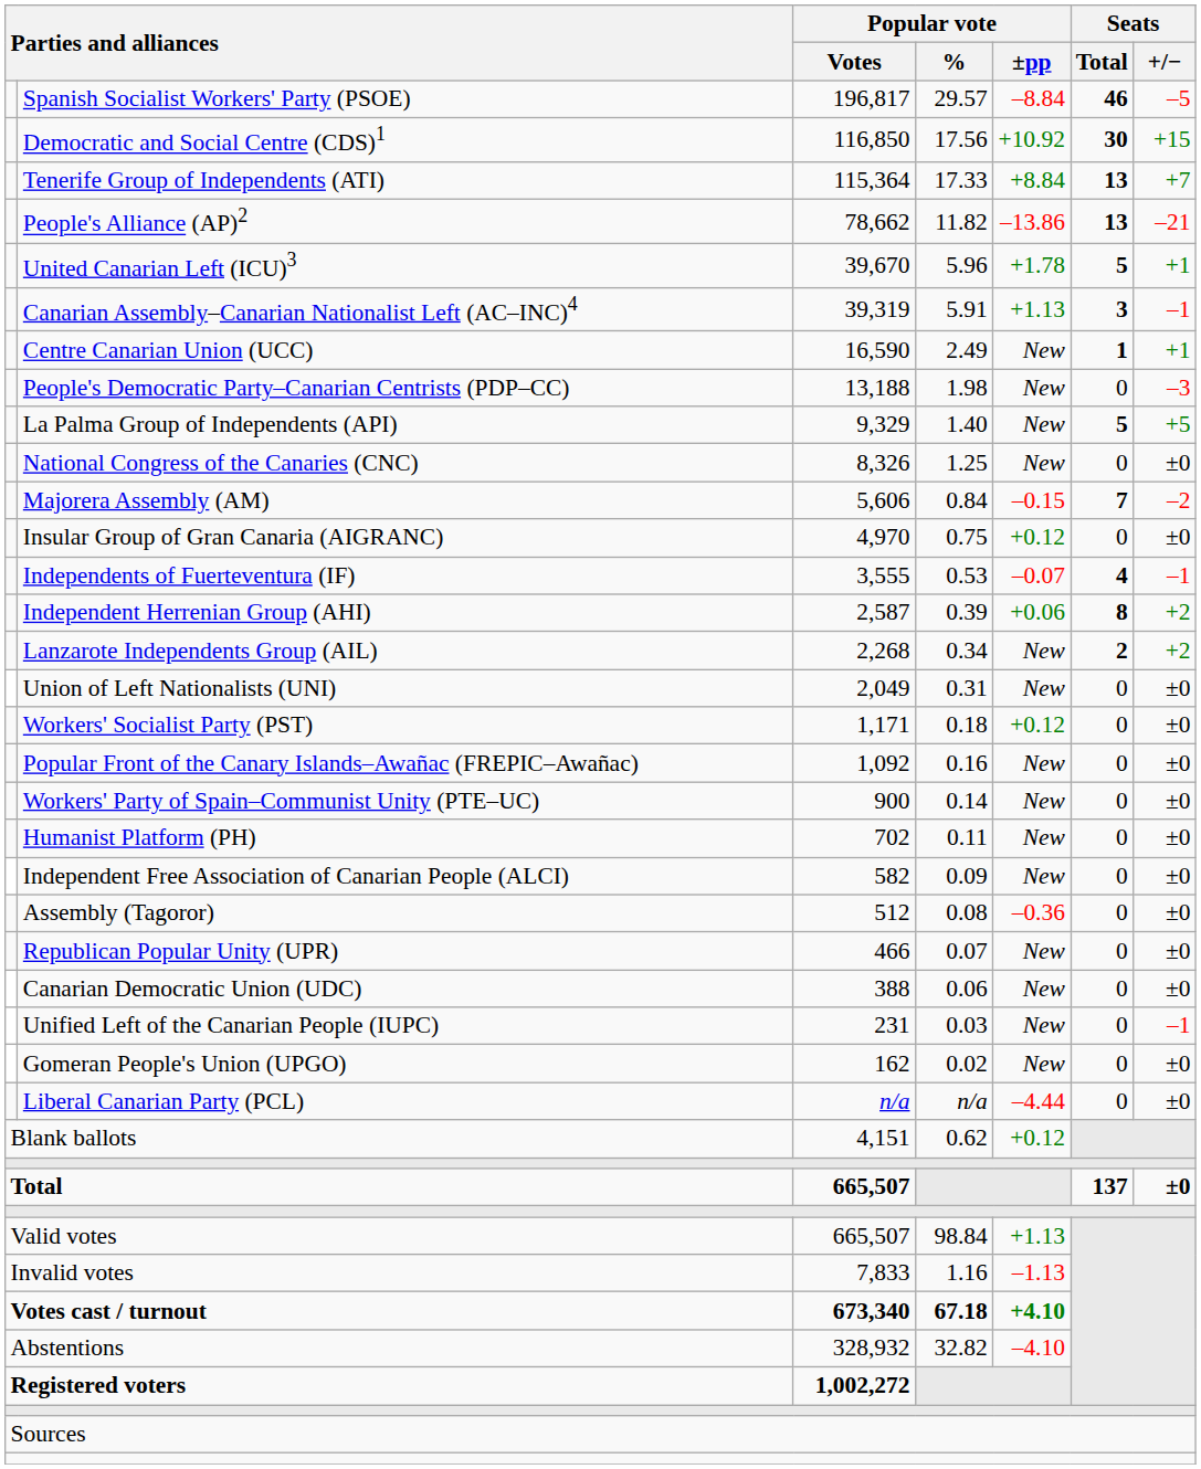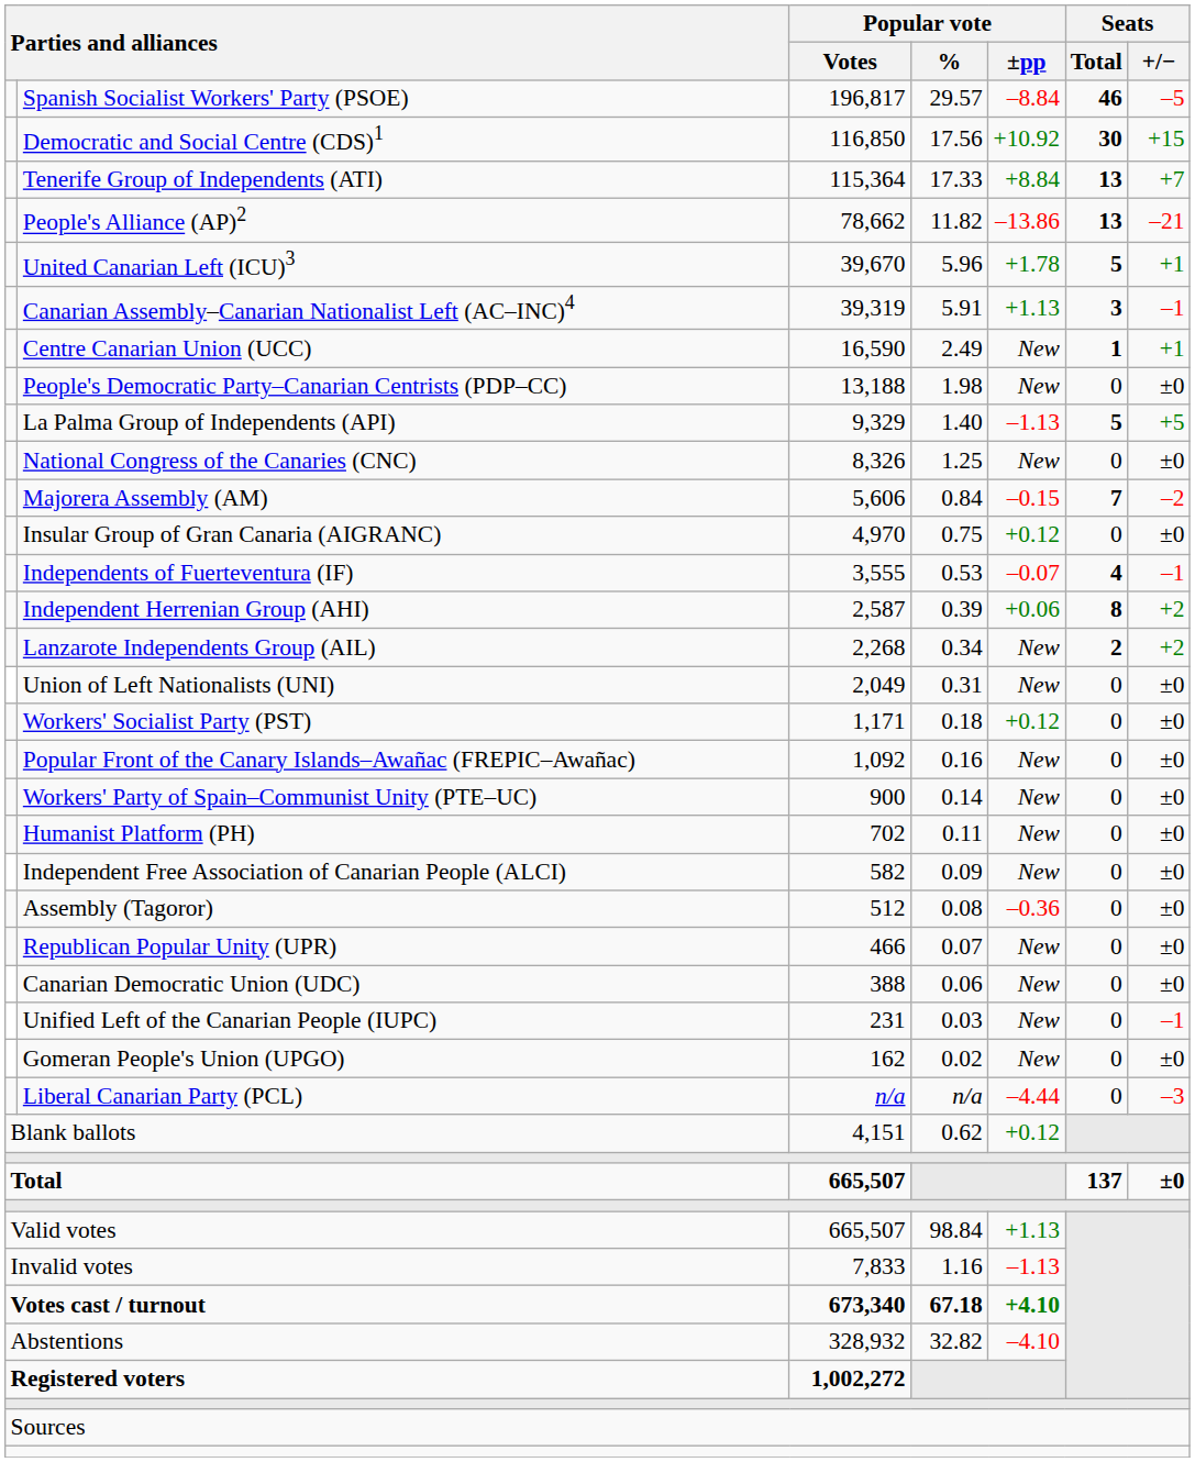 <table class="wikitable" style="text-align:right;">
 <tr>
 <th style="text-align:left;" rowspan="2" colspan="2" width="525">Parties and alliances</th>
 <th colspan="3">Popular vote</th>
 <th colspan="2">Seats</th>
 </tr>
 <tr>
 <th width="75">Votes</th>
 <th width="45">%</th>
 <th width="45">±<a href='#'>pp</a></th>
 <th width="35">Total</th>
 <th width="35">+/−</th>
 </tr>
 <tr>
 <td width="1" style="color:inherit;background:"></td>
 <td align="left"><a href='#'>Spanish Socialist Workers' Party</a> (PSOE)</td>
 <td>196,817</td>
 <td>29.57</td>
 <td style="color:red;">–8.84</td>
 <td><strong>46</strong></td>
 <td style="color:red;">–5</td>
 </tr>
 <tr>
 <td style="color:inherit;background:"></td>
 <td align="left"><a href='#'>Democratic and Social Centre</a> (CDS)<sup>1</sup></td>
 <td>116,850</td>
 <td>17.56</td>
 <td style="color:green;">+10.92</td>
 <td><strong>30</strong></td>
 <td style="color:green;">+15</td>
 </tr>
 <tr>
 <td style="color:inherit;background:"></td>
 <td align="left"><a href='#'>Tenerife Group of Independents</a> (ATI)</td>
 <td>115,364</td>
 <td>17.33</td>
 <td style="color:green;">+8.84</td>
 <td><strong>13</strong></td>
 <td style="color:green;">+7</td>
 </tr>
 <tr>
 <td style="color:inherit;background:"></td>
 <td align="left"><a href='#'>People's Alliance</a> (AP)<sup>2</sup></td>
 <td>78,662</td>
 <td>11.82</td>
 <td style="color:red;">–13.86</td>
 <td><strong>13</strong></td>
 <td style="color:red;">–21</td>
 </tr>
 <tr>
 <td style="color:inherit;background:"></td>
 <td align="left"><a href='#'>United Canarian Left</a> (ICU)<sup>3</sup></td>
 <td>39,670</td>
 <td>5.96</td>
 <td style="color:green;">+1.78</td>
 <td><strong>5</strong></td>
 <td style="color:green;">+1</td>
 </tr>
 <tr>
 <td style="color:inherit;background:"></td>
 <td align="left"><a href='#'>Canarian Assembly</a>–<a href='#'>Canarian Nationalist Left</a> (AC–INC)<sup>4</sup></td>
 <td>39,319</td>
 <td>5.91</td>
 <td style="color:green;">+1.13</td>
 <td><strong>3</strong></td>
 <td style="color:red;">–1</td>
 </tr>
 <tr>
 <td style="color:inherit;background:"></td>
 <td align="left"><a href='#'>Centre Canarian Union</a> (UCC)</td>
 <td>16,590</td>
 <td>2.49</td>
 <td><em>New</em></td>
 <td><strong>1</strong></td>
 <td style="color:green;">+1</td>
 </tr>
 <tr>
 <td style="color:inherit;background:"></td>
 <td align="left"><a href='#'>People's Democratic Party–Canarian Centrists</a> (PDP–CC)</td>
 <td>13,188</td>
 <td>1.98</td>
 <td><em>New</em></td>
 <td>0</td>
-<td style="color:red;">–3</td>
+<td>±0</td>
 </tr>
 <tr>
 <td style="color:inherit;background:"></td>
 <td align="left">La Palma Group of Independents (API)</td>
 <td>9,329</td>
 <td>1.40</td>
-<td><em>New</em></td>
+<td style="color:red;">–1.13</td>
 <td><strong>5</strong></td>
 <td style="color:green;">+5</td>
 </tr>
 <tr>
 <td style="color:inherit;background:"></td>
 <td align="left"><a href='#'>National Congress of the Canaries</a> (CNC)</td>
 <td>8,326</td>
 <td>1.25</td>
 <td><em>New</em></td>
 <td>0</td>
 <td>±0</td>
 </tr>
 <tr>
 <td style="color:inherit;background:"></td>
 <td align="left"><a href='#'>Majorera Assembly</a> (AM)</td>
 <td>5,606</td>
 <td>0.84</td>
 <td style="color:red;">–0.15</td>
 <td><strong>7</strong></td>
 <td style="color:red;">–2</td>
 </tr>
 <tr>
 <td style="color:inherit;background:"></td>
 <td align="left">Insular Group of Gran Canaria (AIGRANC)</td>
 <td>4,970</td>
 <td>0.75</td>
 <td style="color:green;">+0.12</td>
 <td>0</td>
 <td>±0</td>
 </tr>
 <tr>
 <td style="color:inherit;background:"></td>
 <td align="left"><a href='#'>Independents of Fuerteventura</a> (IF)</td>
 <td>3,555</td>
 <td>0.53</td>
 <td style="color:red;">–0.07</td>
 <td><strong>4</strong></td>
 <td style="color:red;">–1</td>
 </tr>
 <tr>
 <td style="color:inherit;background:"></td>
 <td align="left"><a href='#'>Independent Herrenian Group</a> (AHI)</td>
 <td>2,587</td>
 <td>0.39</td>
 <td style="color:green;">+0.06</td>
 <td><strong>8</strong></td>
 <td style="color:green;">+2</td>
 </tr>
 <tr>
 <td style="color:inherit;background:"></td>
 <td align="left"><a href='#'>Lanzarote Independents Group</a> (AIL)</td>
 <td>2,268</td>
 <td>0.34</td>
 <td><em>New</em></td>
 <td><strong>2</strong></td>
 <td style="color:green;">+2</td>
 </tr>
 <tr>
 <td bgcolor="white"></td>
 <td align="left">Union of Left Nationalists (UNI)</td>
 <td>2,049</td>
 <td>0.31</td>
 <td><em>New</em></td>
 <td>0</td>
 <td>±0</td>
 </tr>
 <tr>
 <td style="color:inherit;background:"></td>
 <td align="left"><a href='#'>Workers' Socialist Party</a> (PST)</td>
 <td>1,171</td>
 <td>0.18</td>
 <td style="color:green;">+0.12</td>
 <td>0</td>
 <td>±0</td>
 </tr>
 <tr>
 <td style="color:inherit;background:"></td>
 <td align="left"><a href='#'>Popular Front of the Canary Islands–Awañac</a> (FREPIC–Awañac)</td>
 <td>1,092</td>
 <td>0.16</td>
 <td><em>New</em></td>
 <td>0</td>
 <td>±0</td>
 </tr>
 <tr>
 <td style="color:inherit;background:"></td>
 <td align="left"><a href='#'>Workers' Party of Spain–Communist Unity</a> (PTE–UC)</td>
 <td>900</td>
 <td>0.14</td>
 <td><em>New</em></td>
 <td>0</td>
 <td>±0</td>
 </tr>
 <tr>
 <td style="color:inherit;background:"></td>
 <td align="left"><a href='#'>Humanist Platform</a> (PH)</td>
 <td>702</td>
 <td>0.11</td>
 <td><em>New</em></td>
 <td>0</td>
 <td>±0</td>
 </tr>
 <tr>
 <td bgcolor="white"></td>
 <td align="left">Independent Free Association of Canarian People (ALCI)</td>
 <td>582</td>
 <td>0.09</td>
 <td><em>New</em></td>
 <td>0</td>
 <td>±0</td>
 </tr>
 <tr>
 <td style="color:inherit;background:"></td>
 <td align="left">Assembly (Tagoror)</td>
 <td>512</td>
 <td>0.08</td>
 <td style="color:red;">–0.36</td>
 <td>0</td>
 <td>±0</td>
 </tr>
 <tr>
 <td style="color:inherit;background:"></td>
 <td align="left"><a href='#'>Republican Popular Unity</a> (UPR)</td>
 <td>466</td>
 <td>0.07</td>
 <td><em>New</em></td>
 <td>0</td>
 <td>±0</td>
 </tr>
 <tr>
 <td bgcolor="white"></td>
 <td align="left">Canarian Democratic Union (UDC)</td>
 <td>388</td>
 <td>0.06</td>
 <td><em>New</em></td>
 <td>0</td>
 <td>±0</td>
 </tr>
 <tr>
 <td bgcolor="white"></td>
 <td align="left">Unified Left of the Canarian People (IUPC)</td>
 <td>231</td>
 <td>0.03</td>
 <td><em>New</em></td>
 <td>0</td>
 <td style="color:red;">–1</td>
 </tr>
 <tr>
 <td bgcolor="white"></td>
 <td align="left">Gomeran People's Union (UPGO)</td>
 <td>162</td>
 <td>0.02</td>
 <td><em>New</em></td>
 <td>0</td>
 <td>±0</td>
 </tr>
 <tr>
 <td style="color:inherit;background:"></td>
 <td align="left"><a href='#'>Liberal Canarian Party</a> (PCL)</td>
 <td><em><a href='#'>n/a</a></em></td>
 <td><em>n/a</em></td>
 <td style="color:red;">–4.44</td>
 <td>0</td>
-<td>±0</td>
+<td style="color:red;">–3</td>
 </tr>
 <tr>
 <td align="left" colspan="2">Blank ballots</td>
 <td>4,151</td>
 <td>0.62</td>
 <td style="color:green;">+0.12</td>
 <td bgcolor="#E9E9E9" colspan="2"></td>
 </tr>
 <tr>
 <td colspan="7" bgcolor="#E9E9E9"></td>
 </tr>
 <tr style="font-weight:bold;">
 <td align="left" colspan="2">Total</td>
 <td>665,507</td>
 <td bgcolor="#E9E9E9" colspan="2"></td>
 <td>137</td>
 <td>±0</td>
 </tr>
 <tr>
 <td colspan="7" bgcolor="#E9E9E9"></td>
 </tr>
 <tr>
 <td align="left" colspan="2">Valid votes</td>
 <td>665,507</td>
 <td>98.84</td>
 <td style="color:green;">+1.13</td>
 <td bgcolor="#E9E9E9" colspan="2" rowspan="5"></td>
 </tr>
 <tr>
 <td align="left" colspan="2">Invalid votes</td>
 <td>7,833</td>
 <td>1.16</td>
 <td style="color:red;">–1.13</td>
 </tr>
 <tr style="font-weight:bold;">
 <td align="left" colspan="2">Votes cast / turnout</td>
 <td>673,340</td>
 <td>67.18</td>
 <td style="color:green;">+4.10</td>
 </tr>
 <tr>
 <td align="left" colspan="2">Abstentions</td>
 <td>328,932</td>
 <td>32.82</td>
 <td style="color:red;">–4.10</td>
 </tr>
 <tr style="font-weight:bold;">
 <td align="left" colspan="2">Registered voters</td>
 <td>1,002,272</td>
 <td bgcolor="#E9E9E9" colspan="2"></td>
 </tr>
 <tr>
 <td colspan="7" bgcolor="#E9E9E9"></td>
 </tr>
 <tr>
 <td align="left" colspan="7">Sources</td>
 </tr>
 <tr>
 <td colspan="7" style="text-align:left; max-width:790px;"></td>
 </tr>
 </table>
